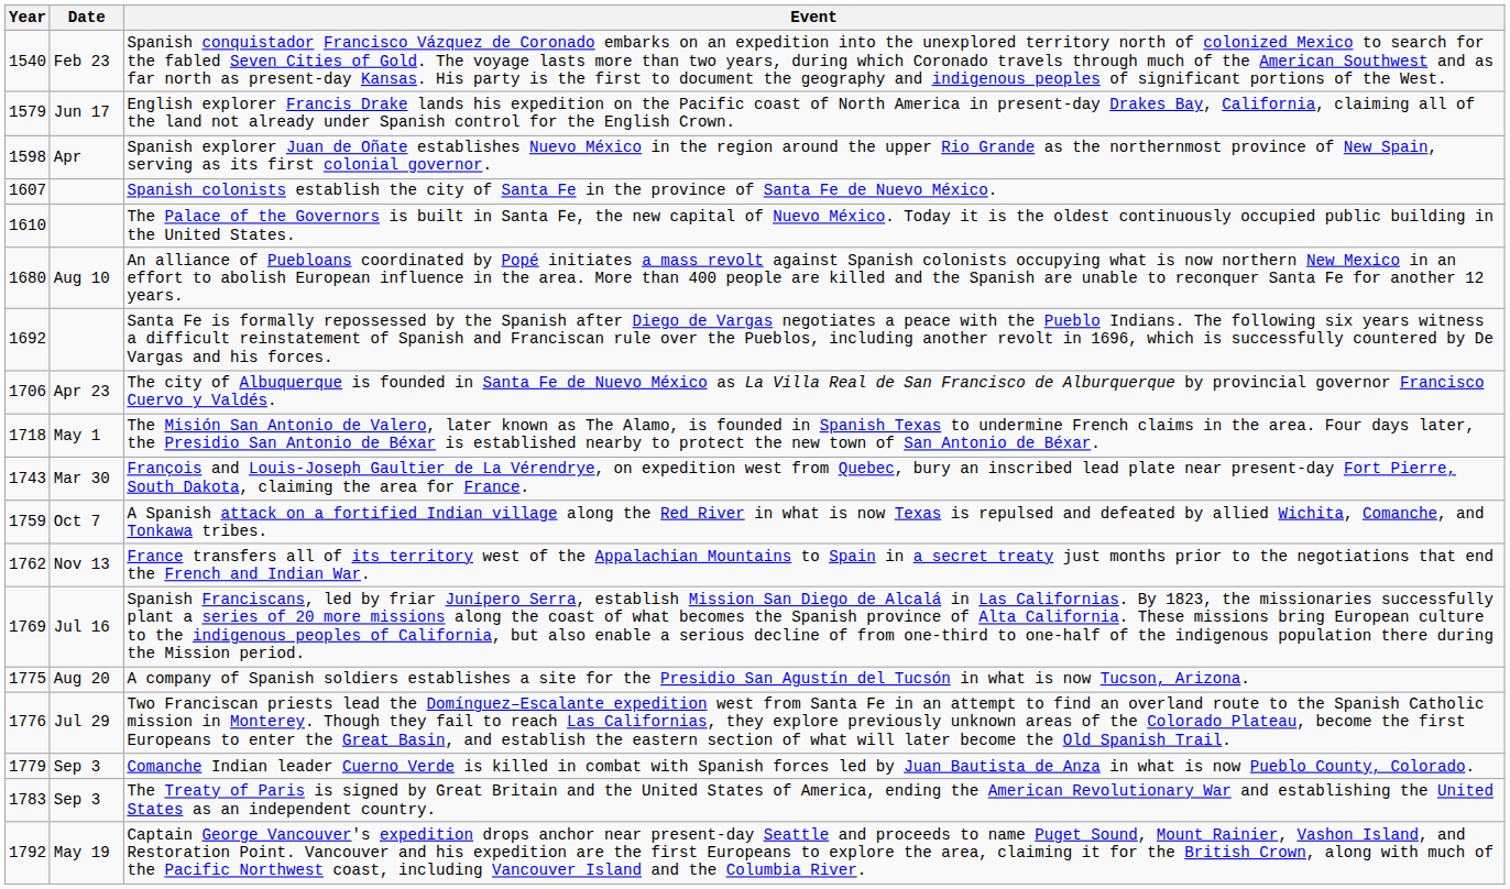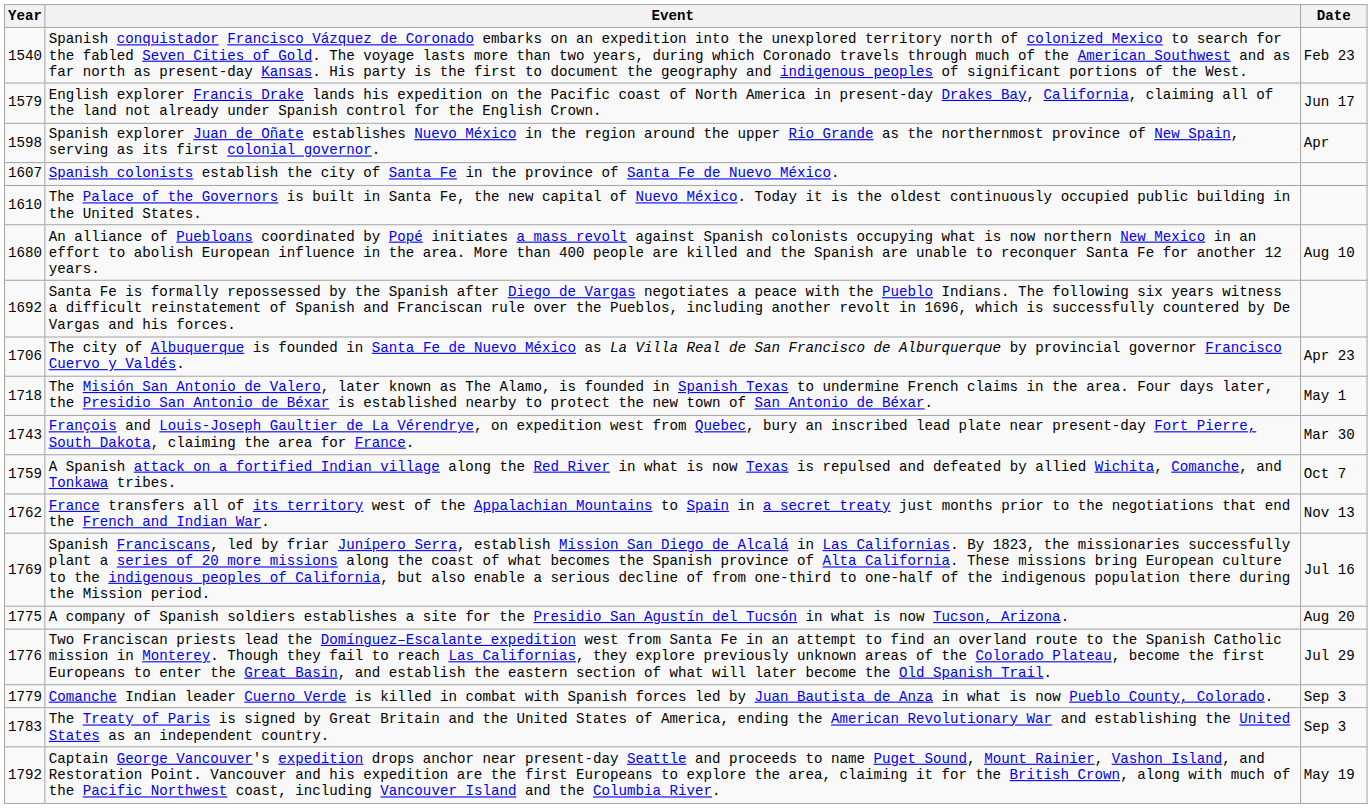 <table class=wikitable>
 <tr>
 <th>Year</th>
+<th>Event</th>
 <th width=55>Date</th>
-<th>Event</th>
 </tr>
 <tr>
 <td rowspan=1>1540</td>
+<td>Spanish <a href='#'>conquistador</a> <a href='#'>Francisco Vázquez de Coronado</a> embarks on an expedition into the unexplored territory north of <a href='#'>colonized Mexico</a> to search for the fabled <a href='#'>Seven Cities of Gold</a>. The voyage lasts more than two years, during which Coronado travels through much of the <a href='#'>American Southwest</a> and as far north as present-day <a href='#'>Kansas</a>. His party is the first to document the geography and <a href='#'>indigenous peoples</a> of significant portions of the West.</td>
 <td>Feb 23</td>
-<td>Spanish <a href='#'>conquistador</a> <a href='#'>Francisco Vázquez de Coronado</a> embarks on an expedition into the unexplored territory north of <a href='#'>colonized Mexico</a> to search for the fabled <a href='#'>Seven Cities of Gold</a>. The voyage lasts more than two years, during which Coronado travels through much of the <a href='#'>American Southwest</a> and as far north as present-day <a href='#'>Kansas</a>. His party is the first to document the geography and <a href='#'>indigenous peoples</a> of significant portions of the West.</td>
 </tr>
 <tr>
 <td rowspan=1>1579</td>
+<td>English explorer <a href='#'>Francis Drake</a> lands his expedition on the Pacific coast of North America in present-day <a href='#'>Drakes Bay</a>, <a href='#'>California</a>, claiming all of the land not already under Spanish control for the English Crown.</td>
 <td>Jun 17</td>
-<td>English explorer <a href='#'>Francis Drake</a> lands his expedition on the Pacific coast of North America in present-day <a href='#'>Drakes Bay</a>, <a href='#'>California</a>, claiming all of the land not already under Spanish control for the English Crown.</td>
 </tr>
 <tr>
 <td rowspan=1>1598</td>
+<td>Spanish explorer <a href='#'>Juan de Oñate</a> establishes <a href='#'>Nuevo México</a> in the region around the upper <a href='#'>Rio Grande</a> as the northernmost province of <a href='#'>New Spain</a>, serving as its first <a href='#'>colonial governor</a>.</td>
 <td>Apr</td>
-<td>Spanish explorer <a href='#'>Juan de Oñate</a> establishes <a href='#'>Nuevo México</a> in the region around the upper <a href='#'>Rio Grande</a> as the northernmost province of <a href='#'>New Spain</a>, serving as its first <a href='#'>colonial governor</a>.</td>
 </tr>
 <tr>
 <td rowspan=1>1607</td>
+<td><a href='#'>Spanish colonists</a> establish the city of <a href='#'>Santa Fe</a> in the province of <a href='#'>Santa Fe de Nuevo México</a>.</td>
 <td></td>
-<td><a href='#'>Spanish colonists</a> establish the city of <a href='#'>Santa Fe</a> in the province of <a href='#'>Santa Fe de Nuevo México</a>.</td>
 </tr>
 <tr>
 <td rowspan=1>1610</td>
+<td>The <a href='#'>Palace of the Governors</a> is built in Santa Fe, the new capital of <a href='#'>Nuevo México</a>. Today it is the oldest continuously occupied public building in the United States.</td>
 <td></td>
-<td>The <a href='#'>Palace of the Governors</a> is built in Santa Fe, the new capital of <a href='#'>Nuevo México</a>. Today it is the oldest continuously occupied public building in the United States.</td>
 </tr>
 <tr>
 <td rowspan=1>1680</td>
+<td>An alliance of <a href='#'>Puebloans</a> coordinated by <a href='#'>Popé</a> initiates <a href='#'>a mass revolt</a> against Spanish colonists occupying what is now northern <a href='#'>New Mexico</a> in an effort to abolish European influence in the area. More than 400 people are killed and the Spanish are unable to reconquer Santa Fe for another 12 years.</td>
 <td>Aug 10</td>
-<td>An alliance of <a href='#'>Puebloans</a> coordinated by <a href='#'>Popé</a> initiates <a href='#'>a mass revolt</a> against Spanish colonists occupying what is now northern <a href='#'>New Mexico</a> in an effort to abolish European influence in the area. More than 400 people are killed and the Spanish are unable to reconquer Santa Fe for another 12 years.</td>
 </tr>
 <tr>
 <td rowspan=1>1692</td>
+<td>Santa Fe is formally repossessed by the Spanish after <a href='#'>Diego de Vargas</a> negotiates a peace with the <a href='#'>Pueblo</a> Indians. The following six years witness a difficult reinstatement of Spanish and Franciscan rule over the Pueblos, including another revolt in 1696, which is successfully countered by De Vargas and his forces.</td>
 <td></td>
-<td>Santa Fe is formally repossessed by the Spanish after <a href='#'>Diego de Vargas</a> negotiates a peace with the <a href='#'>Pueblo</a> Indians. The following six years witness a difficult reinstatement of Spanish and Franciscan rule over the Pueblos, including another revolt in 1696, which is successfully countered by De Vargas and his forces.</td>
 </tr>
 <tr>
 <td rowspan=1>1706</td>
+<td>The city of <a href='#'>Albuquerque</a> is founded in <a href='#'>Santa Fe de Nuevo México</a> as <em>La Villa Real de San Francisco de Alburquerque</em> by provincial governor <a href='#'>Francisco Cuervo y Valdés</a>.</td>
 <td>Apr 23</td>
-<td>The city of <a href='#'>Albuquerque</a> is founded in <a href='#'>Santa Fe de Nuevo México</a> as <em>La Villa Real de San Francisco de Alburquerque</em> by provincial governor <a href='#'>Francisco Cuervo y Valdés</a>.</td>
 </tr>
 <tr>
 <td rowspan=1>1718</td>
+<td>The <a href='#'>Misión San Antonio de Valero</a>, later known as The Alamo, is founded in <a href='#'>Spanish Texas</a> to undermine French claims in the area. Four days later, the <a href='#'>Presidio San Antonio de Béxar</a> is established nearby to protect the new town of <a href='#'>San Antonio de Béxar</a>.</td>
 <td>May 1</td>
-<td>The <a href='#'>Misión San Antonio de Valero</a>, later known as The Alamo, is founded in <a href='#'>Spanish Texas</a> to undermine French claims in the area. Four days later, the <a href='#'>Presidio San Antonio de Béxar</a> is established nearby to protect the new town of <a href='#'>San Antonio de Béxar</a>.</td>
 </tr>
 <tr>
 <td rowspan=1>1743</td>
+<td><a href='#'>François</a> and <a href='#'>Louis-Joseph Gaultier de La Vérendrye</a>, on expedition west from <a href='#'>Quebec</a>, bury an inscribed lead plate near present-day <a href='#'>Fort Pierre, South Dakota</a>, claiming the area for <a href='#'>France</a>.</td>
 <td>Mar 30</td>
-<td><a href='#'>François</a> and <a href='#'>Louis-Joseph Gaultier de La Vérendrye</a>, on expedition west from <a href='#'>Quebec</a>, bury an inscribed lead plate near present-day <a href='#'>Fort Pierre, South Dakota</a>, claiming the area for <a href='#'>France</a>.</td>
 </tr>
 <tr>
 <td rowspan=1>1759</td>
+<td>A Spanish <a href='#'>attack on a fortified Indian village</a> along the <a href='#'>Red River</a> in what is now <a href='#'>Texas</a> is repulsed and defeated by allied <a href='#'>Wichita</a>, <a href='#'>Comanche</a>, and <a href='#'>Tonkawa</a> tribes.</td>
 <td>Oct 7</td>
-<td>A Spanish <a href='#'>attack on a fortified Indian village</a> along the <a href='#'>Red River</a> in what is now <a href='#'>Texas</a> is repulsed and defeated by allied <a href='#'>Wichita</a>, <a href='#'>Comanche</a>, and <a href='#'>Tonkawa</a> tribes.</td>
 </tr>
 <tr>
 <td rowspan=1>1762</td>
+<td><a href='#'>France</a> transfers all of <a href='#'>its territory</a> west of the <a href='#'>Appalachian Mountains</a> to <a href='#'>Spain</a> in <a href='#'>a secret treaty</a> just months prior to the negotiations that end the <a href='#'>French and Indian War</a>.</td>
 <td>Nov 13</td>
-<td><a href='#'>France</a> transfers all of <a href='#'>its territory</a> west of the <a href='#'>Appalachian Mountains</a> to <a href='#'>Spain</a> in <a href='#'>a secret treaty</a> just months prior to the negotiations that end the <a href='#'>French and Indian War</a>.</td>
 </tr>
 <tr>
 <td rowspan=1>1769</td>
+<td>Spanish <a href='#'>Franciscans</a>, led by friar <a href='#'>Junípero Serra</a>, establish <a href='#'>Mission San Diego de Alcalá</a> in <a href='#'>Las Californias</a>. By 1823, the missionaries successfully plant a <a href='#'>series of 20 more missions</a> along the coast of what becomes the Spanish province of <a href='#'>Alta California</a>. These missions bring European culture to the <a href='#'>indigenous peoples of California</a>, but also enable a serious decline of from one-third to one-half of the indigenous population there during the Mission period.</td>
 <td>Jul 16</td>
-<td>Spanish <a href='#'>Franciscans</a>, led by friar <a href='#'>Junípero Serra</a>, establish <a href='#'>Mission San Diego de Alcalá</a> in <a href='#'>Las Californias</a>. By 1823, the missionaries successfully plant a <a href='#'>series of 20 more missions</a> along the coast of what becomes the Spanish province of <a href='#'>Alta California</a>. These missions bring European culture to the <a href='#'>indigenous peoples of California</a>, but also enable a serious decline of from one-third to one-half of the indigenous population there during the Mission period.</td>
 </tr>
 <tr>
 <td rowspan=1>1775</td>
+<td>A company of Spanish soldiers establishes a site for the <a href='#'>Presidio San Agustín del Tucsón</a> in what is now <a href='#'>Tucson, Arizona</a>.</td>
 <td>Aug 20</td>
-<td>A company of Spanish soldiers establishes a site for the <a href='#'>Presidio San Agustín del Tucsón</a> in what is now <a href='#'>Tucson, Arizona</a>.</td>
 </tr>
 <tr>
 <td rowspan=1>1776</td>
+<td>Two Franciscan priests lead the <a href='#'>Domínguez–Escalante expedition</a> west from Santa Fe in an attempt to find an overland route to the Spanish Catholic mission in <a href='#'>Monterey</a>. Though they fail to reach <a href='#'>Las Californias</a>, they explore previously unknown areas of the <a href='#'>Colorado Plateau</a>, become the first Europeans to enter the <a href='#'>Great Basin</a>, and establish the eastern section of what will later become the <a href='#'>Old Spanish Trail</a>.</td>
 <td>Jul 29</td>
-<td>Two Franciscan priests lead the <a href='#'>Domínguez–Escalante expedition</a> west from Santa Fe in an attempt to find an overland route to the Spanish Catholic mission in <a href='#'>Monterey</a>. Though they fail to reach <a href='#'>Las Californias</a>, they explore previously unknown areas of the <a href='#'>Colorado Plateau</a>, become the first Europeans to enter the <a href='#'>Great Basin</a>, and establish the eastern section of what will later become the <a href='#'>Old Spanish Trail</a>.</td>
 </tr>
 <tr>
 <td rowspan=1>1779</td>
+<td><a href='#'>Comanche</a> Indian leader <a href='#'>Cuerno Verde</a> is killed in combat with Spanish forces led by <a href='#'>Juan Bautista de Anza</a> in what is now <a href='#'>Pueblo County, Colorado</a>.</td>
 <td>Sep 3</td>
-<td><a href='#'>Comanche</a> Indian leader <a href='#'>Cuerno Verde</a> is killed in combat with Spanish forces led by <a href='#'>Juan Bautista de Anza</a> in what is now <a href='#'>Pueblo County, Colorado</a>.</td>
 </tr>
 <tr>
 <td rowspan=1>1783</td>
+<td>The <a href='#'>Treaty of Paris</a> is signed by Great Britain and the United States of America, ending the <a href='#'>American Revolutionary War</a> and establishing the <a href='#'>United States</a> as an independent country.</td>
 <td>Sep 3</td>
-<td>The <a href='#'>Treaty of Paris</a> is signed by Great Britain and the United States of America, ending the <a href='#'>American Revolutionary War</a> and establishing the <a href='#'>United States</a> as an independent country.</td>
 </tr>
 <tr>
 <td rowspan=1>1792</td>
+<td>Captain <a href='#'>George Vancouver</a>'s <a href='#'>expedition</a> drops anchor near present-day <a href='#'>Seattle</a> and proceeds to name <a href='#'>Puget Sound</a>, <a href='#'>Mount Rainier</a>, <a href='#'>Vashon Island</a>, and Restoration Point. Vancouver and his expedition are the first Europeans to explore the area, claiming it for the <a href='#'>British Crown</a>, along with much of the <a href='#'>Pacific Northwest</a> coast, including <a href='#'>Vancouver Island</a> and the <a href='#'>Columbia River</a>.</td>
 <td>May 19</td>
-<td>Captain <a href='#'>George Vancouver</a>'s <a href='#'>expedition</a> drops anchor near present-day <a href='#'>Seattle</a> and proceeds to name <a href='#'>Puget Sound</a>, <a href='#'>Mount Rainier</a>, <a href='#'>Vashon Island</a>, and Restoration Point. Vancouver and his expedition are the first Europeans to explore the area, claiming it for the <a href='#'>British Crown</a>, along with much of the <a href='#'>Pacific Northwest</a> coast, including <a href='#'>Vancouver Island</a> and the <a href='#'>Columbia River</a>.</td>
 </tr>
 </table>
